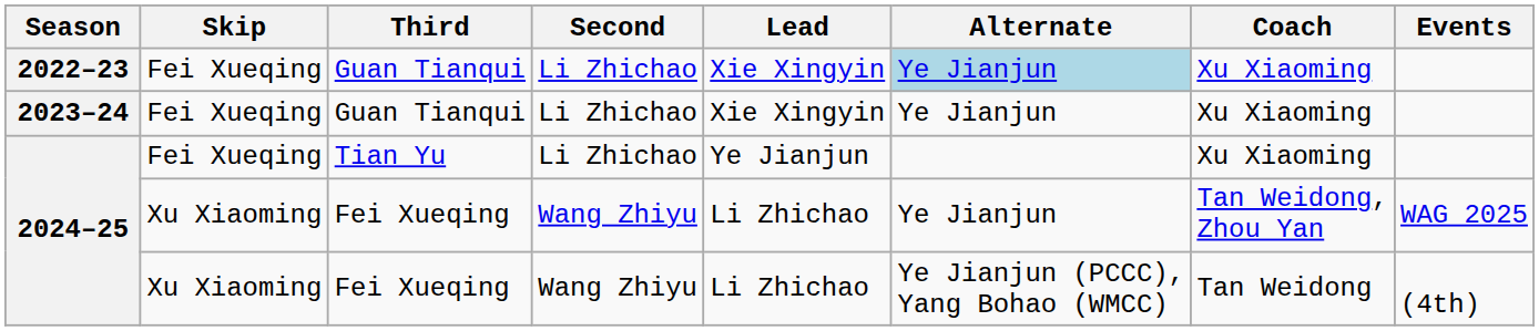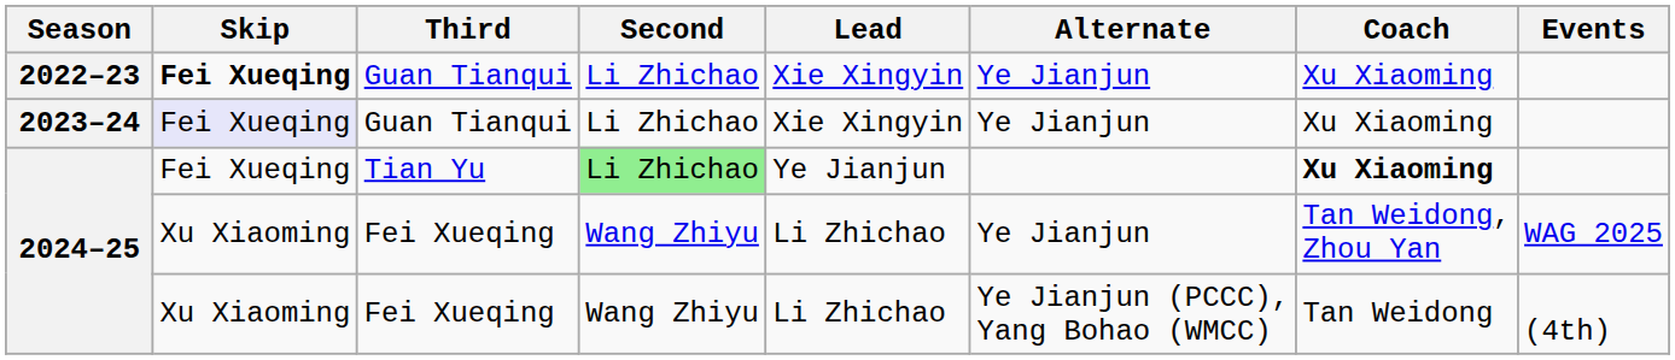 <table class="wikitable">
 <tr>
 <th scope="col" width=60>Season</th>
 <th scope="col">Skip</th>
 <th scope="col">Third</th>
 <th scope="col">Second</th>
 <th scope="col">Lead</th>
 <th scope="col">Alternate</th>
 <th scope="col">Coach</th>
 <th scope="col">Events</th>
 </tr>
 <tr>
 <th scope="row">2022–23</th>
-<td>Fei Xueqing</td>
+<td><strong>Fei Xueqing</strong></td>
 <td><a href='#'>Guan Tianqui</a></td>
 <td><a href='#'>Li Zhichao</a></td>
 <td><a href='#'>Xie Xingyin</a></td>
-<td style="background: lightblue;"><a href='#'>Ye Jianjun</a></td>
+<td><a href='#'>Ye Jianjun</a></td>
 <td><a href='#'>Xu Xiaoming</a></td>
 <td> </td>
 </tr>
 <tr>
 <th scope="row">2023–24</th>
-<td>Fei Xueqing</td>
+<td style="background: lavender;">Fei Xueqing</td>
 <td>Guan Tianqui</td>
 <td>Li Zhichao</td>
 <td>Xie Xingyin</td>
 <td>Ye Jianjun</td>
 <td>Xu Xiaoming</td>
 <td></td>
 </tr>
 <tr>
 <th scope="row" rowspan="3">2024–25</th>
 <td>Fei Xueqing</td>
 <td><a href='#'>Tian Yu</a></td>
-<td>Li Zhichao</td>
+<td style="background: lightgreen;">Li Zhichao</td>
 <td>Ye Jianjun</td>
 <td></td>
-<td>Xu Xiaoming</td>
+<td><strong>Xu Xiaoming</strong></td>
 <td></td>
 </tr>
 <tr>
 <td>Xu Xiaoming</td>
 <td>Fei Xueqing</td>
 <td><a href='#'>Wang Zhiyu</a></td>
 <td>Li Zhichao</td>
 <td>Ye Jianjun</td>
 <td><a href='#'>Tan Weidong</a>,<br><a href='#'>Zhou Yan</a></td>
 <td><a href='#'>WAG 2025</a> </td>
 </tr>
 <tr>
 <td>Xu Xiaoming</td>
 <td>Fei Xueqing</td>
 <td>Wang Zhiyu</td>
 <td>Li Zhichao</td>
 <td>Ye Jianjun (PCCC),<br>Yang Bohao (WMCC)</td>
 <td>Tan Weidong</td>
 <td> <br> (4th)</td>
 </tr>
 </table>
